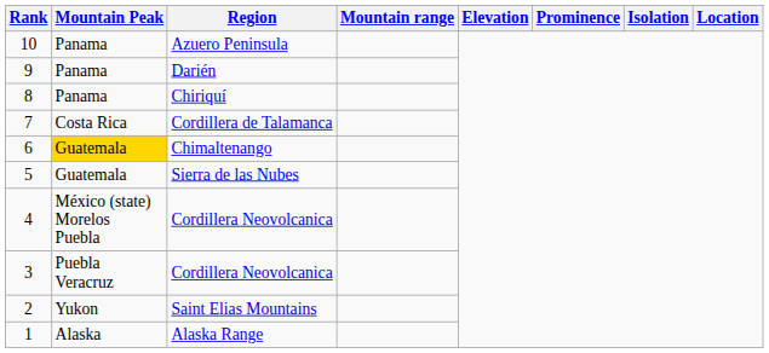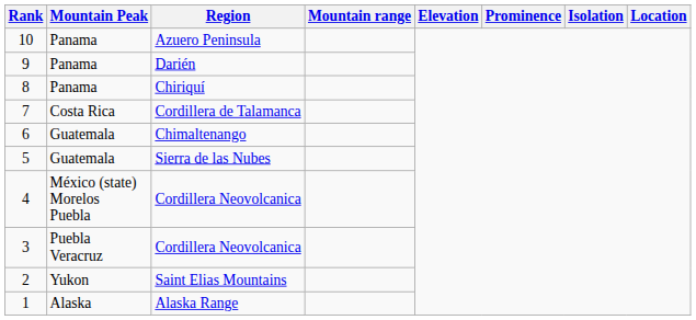 <table class="wikitable sortable">
 <tr>
 <th><a href='#'>Rank</a></th>
 <th><a href='#'>Mountain Peak</a></th>
 <th><a href='#'>Region</a></th>
 <th><a href='#'>Mountain range</a></th>
 <th><a href='#'>Elevation</a></th>
 <th><a href='#'>Prominence</a></th>
 <th><a href='#'>Isolation</a></th>
 <th><a href='#'>Location</a></th>
 </tr>
 <tr>
 <td align=center>10<br></td>
 <td>Panama</td>
 <td><a href='#'>Azuero Peninsula</a><br></td>
 <td></td>
 </tr>
 <tr>
 <td align=center>9<br></td>
 <td>Panama</td>
 <td><a href='#'>Darién</a><br></td>
 <td></td>
 </tr>
 <tr>
 <td align=center>8<br></td>
 <td>Panama</td>
 <td><a href='#'>Chiriquí</a><br></td>
 <td></td>
 </tr>
 <tr>
 <td align=center>7<br></td>
 <td>Costa Rica</td>
 <td><a href='#'>Cordillera de Talamanca</a><br></td>
 <td></td>
 </tr>
 <tr>
 <td align=center>6<br></td>
-<td style="background: gold;">Guatemala</td>
+<td>Guatemala</td>
 <td><a href='#'>Chimaltenango</a><br></td>
 <td></td>
 </tr>
 <tr>
 <td align=center>5<br></td>
 <td>Guatemala</td>
 <td><a href='#'>Sierra de las Nubes</a><br></td>
 <td></td>
 </tr>
 <tr>
 <td align=center>4<br></td>
 <td>México (state)<br>Morelos<br>Puebla</td>
 <td><a href='#'>Cordillera Neovolcanica</a><br></td>
 <td></td>
 </tr>
 <tr>
 <td align=center>3<br></td>
 <td>Puebla<br>Veracruz</td>
 <td><a href='#'>Cordillera Neovolcanica</a><br></td>
 <td></td>
 </tr>
 <tr>
 <td align=center>2<br></td>
 <td>Yukon</td>
 <td><a href='#'>Saint Elias Mountains</a><br></td>
 <td></td>
 </tr>
 <tr>
 <td align=center>1<br></td>
 <td>Alaska</td>
 <td><a href='#'>Alaska Range</a><br></td>
 <td></td>
 </tr>
 </table>
